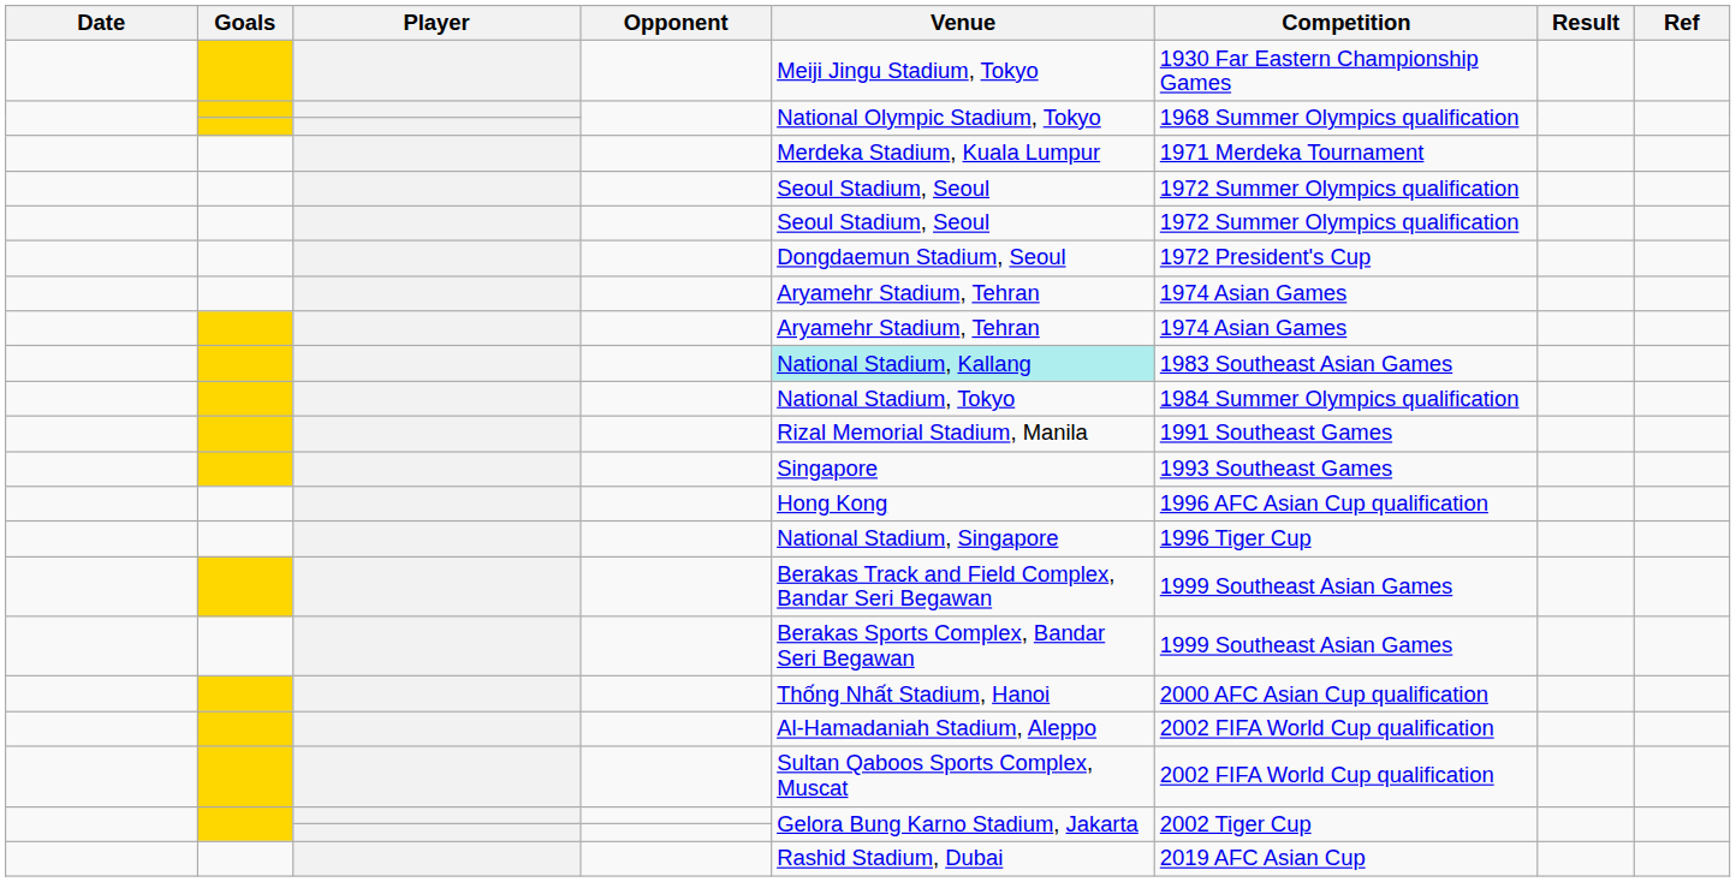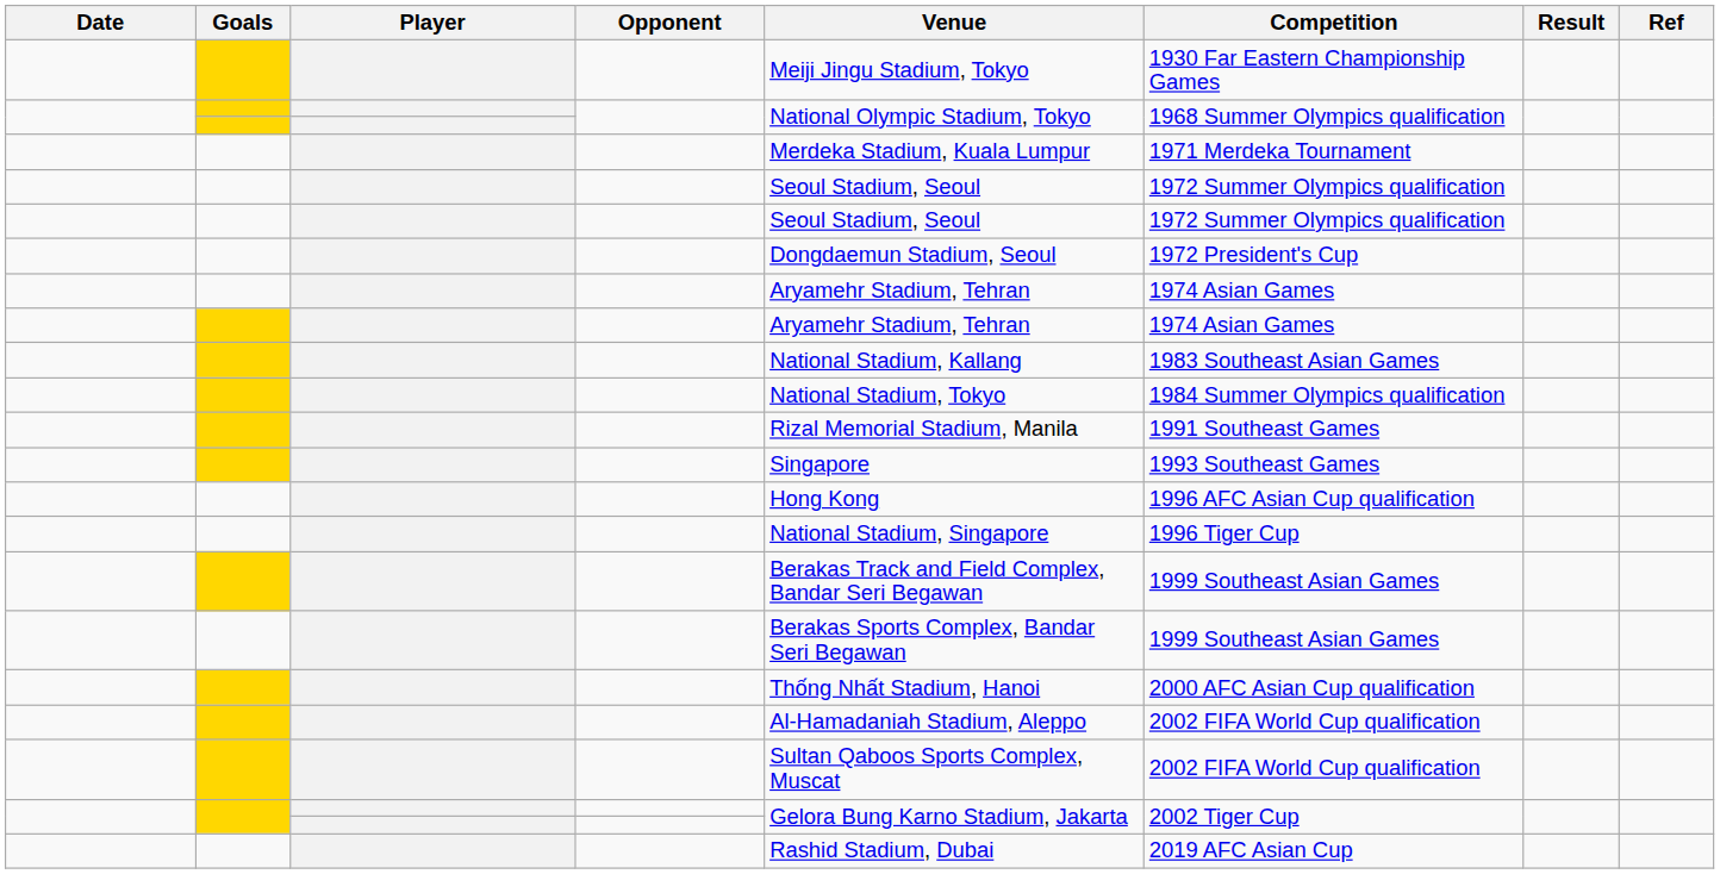 <table class="wikitable sortable plainrowheaders">
 <tr>
 <th scope="col" width="10%">Date</th>
 <th scope="col" width="5%">Goals</th>
 <th scope="col" width="15%">Player</th>
 <th scope="col" width="10%">Opponent</th>
 <th scope="col" width="20%">Venue</th>
 <th scope="col" width="20%">Competition</th>
 <th scope="col" class="align:center" width="5%">Result</th>
 <th scope="col" class="align: center; unsortable" width="5%">Ref</th>
 </tr>
 <tr>
 <td></td>
 <td bgcolor=gold></td>
 <th scope="row"></th>
 <td></td>
 <td><a href='#'>Meiji Jingu Stadium</a>, <a href='#'>Tokyo</a></td>
 <td><a href='#'>1930 Far Eastern Championship Games</a></td>
 <td data-sort-value="0207"></td>
 <td align=center></td>
 </tr>
 <tr>
 <td rowspan="2"></td>
 <td bgcolor=gold></td>
 <th scope="row"></th>
 <td rowspan="2"></td>
 <td rowspan="2"><a href='#'>National Olympic Stadium</a>, <a href='#'>Tokyo</a></td>
 <td rowspan="2"><a href='#'>1968 Summer Olympics qualification</a></td>
 <td rowspan="2"></td>
 <td rowspan="2" align=center></td>
 </tr>
 <tr>
 <td bgcolor=gold></td>
 <th scope="row"></th>
 </tr>
 <tr>
 <td></td>
 <td></td>
 <th scope="row"></th>
 <td></td>
 <td><a href='#'>Merdeka Stadium</a>, <a href='#'>Kuala Lumpur</a></td>
 <td><a href='#'>1971 Merdeka Tournament</a></td>
 <td data-sort-value="0105"></td>
 <td align=center></td>
 </tr>
 <tr>
 <td></td>
 <td></td>
 <th scope="row"></th>
 <td></td>
 <td><a href='#'>Seoul Stadium</a>, <a href='#'>Seoul</a></td>
 <td><a href='#'>1972 Summer Olympics qualification</a></td>
 <td data-sort-value="0108"></td>
 <td align=center></td>
 </tr>
 <tr>
 <td></td>
 <td></td>
 <th scope="row"></th>
 <td></td>
 <td><a href='#'>Seoul Stadium</a>, <a href='#'>Seoul</a></td>
 <td><a href='#'>1972 Summer Olympics qualification</a></td>
 <td data-sort-value="0006"></td>
 <td align=center></td>
 </tr>
 <tr>
 <td></td>
 <td></td>
 <th scope="row"></th>
 <td></td>
 <td><a href='#'>Dongdaemun Stadium</a>, <a href='#'>Seoul</a></td>
 <td><a href='#'>1972 President's Cup</a></td>
 <td data-sort-value="0006"></td>
 <td align=center></td>
 </tr>
 <tr>
 <td></td>
 <td></td>
 <th scope="row"></th>
 <td></td>
 <td><a href='#'>Aryamehr Stadium</a>, <a href='#'>Tehran</a></td>
 <td><a href='#'>1974 Asian Games</a></td>
 <td data-sort-value="0004"></td>
 <td align=center></td>
 </tr>
 <tr>
 <td></td>
 <td bgcolor=gold></td>
 <th scope="row"></th>
 <td></td>
 <td><a href='#'>Aryamehr Stadium</a>, <a href='#'>Tehran</a></td>
 <td><a href='#'>1974 Asian Games</a></td>
 <td data-sort-value="0011"></td>
 <td align=center></td>
 </tr>
 <tr>
 <td></td>
 <td bgcolor=gold></td>
 <th scope="row"></th>
 <td></td>
-<td style="background: paleturquoise;"><a href='#'>National Stadium</a>, <a href='#'>Kallang</a></td>
+<td><a href='#'>National Stadium</a>, <a href='#'>Kallang</a></td>
 <td><a href='#'>1983 Southeast Asian Games</a></td>
 <td data-sort-value="0005"></td>
 <td></td>
 </tr>
 <tr>
 <td></td>
 <td bgcolor=gold></td>
 <th scope="row"></th>
 <td></td>
 <td><a href='#'>National Stadium</a>, <a href='#'>Tokyo</a></td>
 <td><a href='#'>1984 Summer Olympics qualification</a></td>
 <td data-sort-value="0110"></td>
 <td align=center></td>
 </tr>
 <tr>
 <td></td>
 <td bgcolor=gold></td>
 <th scope="row"></th>
 <td></td>
 <td><a href='#'>Rizal Memorial Stadium</a>, Manila</td>
 <td><a href='#'>1991 Southeast Games</a></td>
 <td data-sort-value="0602"></td>
 <td></td>
 </tr>
 <tr>
 <td></td>
 <td bgcolor=gold></td>
 <th scope="row"></th>
 <td></td>
 <td><a href='#'>Singapore</a></td>
 <td><a href='#'>1993 Southeast Games</a></td>
 <td data-sort-value="0007"></td>
 <td></td>
 </tr>
 <tr>
 <td></td>
 <td></td>
 <th scope="row"></th>
 <td></td>
 <td><a href='#'>Hong Kong</a></td>
 <td><a href='#'>1996 AFC Asian Cup qualification</a></td>
 <td data-sort-value="0007"></td>
 <td align=center></td>
 </tr>
 <tr>
 <td></td>
 <td></td>
 <th scope="row"></th>
 <td></td>
 <td><a href='#'>National Stadium</a>, <a href='#'>Singapore</a></td>
 <td><a href='#'>1996 Tiger Cup</a></td>
 <td data-sort-value="0007"></td>
 <td align=center></td>
 </tr>
 <tr>
 <td></td>
 <td bgcolor=gold></td>
 <th scope="row"></th>
 <td></td>
 <td><a href='#'>Berakas Track and Field Complex</a>, <a href='#'>Bandar Seri Begawan</a></td>
 <td><a href='#'>1999 Southeast Asian Games</a></td>
 <td data-sort-value="0009"></td>
 <td align=center></td>
 </tr>
 <tr>
 <td></td>
 <td></td>
 <th scope="row"></th>
 <td></td>
 <td><a href='#'>Berakas Sports Complex</a>, <a href='#'>Bandar Seri Begawan</a></td>
 <td><a href='#'>1999 Southeast Asian Games</a></td>
 <td data-sort-value="0104"></td>
 <td align=center></td>
 </tr>
 <tr>
 <td></td>
 <td bgcolor=gold></td>
 <th scope="row"></th>
 <td></td>
 <td><a href='#'>Thống Nhất Stadium</a>, <a href='#'>Hanoi</a></td>
 <td><a href='#'>2000 AFC Asian Cup qualification</a></td>
 <td data-sort-value="0008"></td>
 <td align=center></td>
 </tr>
 <tr>
 <td></td>
 <td bgcolor=gold></td>
 <th scope="row"></th>
 <td></td>
 <td><a href='#'>Al-Hamadaniah Stadium</a>, <a href='#'>Aleppo</a></td>
 <td><a href='#'>2002 FIFA World Cup qualification</a></td>
 <td data-sort-value="0013"></td>
 <td align=center></td>
 </tr>
 <tr>
 <td></td>
 <td bgcolor=gold></td>
 <th scope="row"></th>
 <td></td>
 <td><a href='#'>Sultan Qaboos Sports Complex</a>, <a href='#'>Muscat</a></td>
 <td><a href='#'>2002 FIFA World Cup qualification</a></td>
 <td data-sort-value="0013"></td>
 <td align=center></td>
 </tr>
 <tr>
 <td rowspan="2"></td>
 <td rowspan="2" bgcolor="gold"></td>
 <th scope="row"></th>
 <td></td>
 <td rowspan="2"><a href='#'>Gelora Bung Karno Stadium</a>, <a href='#'>Jakarta</a></td>
 <td rowspan="2"><a href='#'>2002 Tiger Cup</a></td>
 <td rowspan="2" data-sort-value="0113"></td>
 <td rowspan="2" align="center"></td>
 </tr>
 <tr>
 <th scope="row"></th>
 <td></td>
 </tr>
 <tr>
 <td></td>
 <td></td>
 <th scope="row"></th>
 <td></td>
 <td><a href='#'>Rashid Stadium</a>, <a href='#'>Dubai</a></td>
 <td><a href='#'>2019 AFC Asian Cup</a></td>
 <td data-sort-value="0113"></td>
 <td align=center></td>
 </tr>
 </table>
